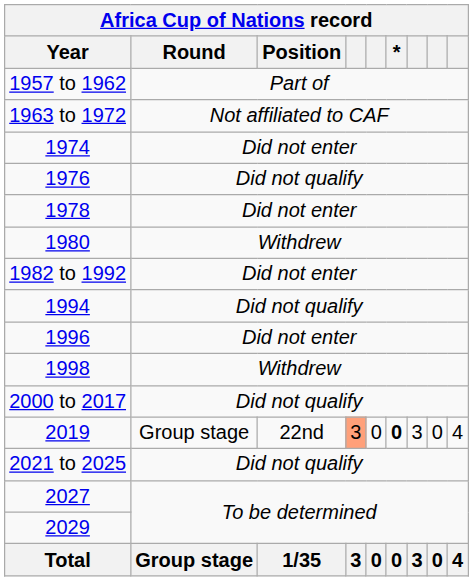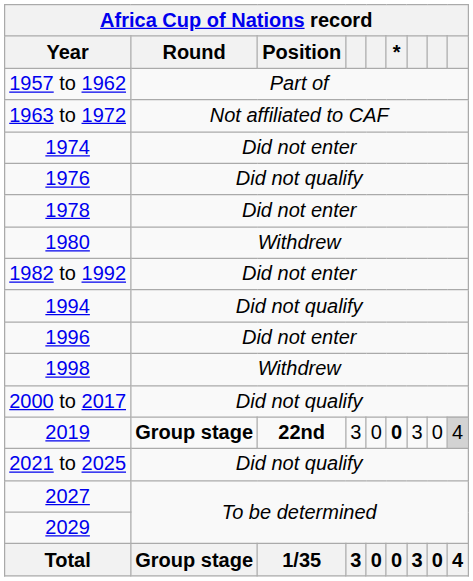 <table class="wikitable" style="text-align: center;">
 <tr>
 <th colspan=9><a href='#'>Africa Cup of Nations</a> record</th>
 </tr>
 <tr>
 <th>Year</th>
 <th>Round</th>
 <th>Position</th>
 <th></th>
 <th></th>
 <th>*</th>
 <th></th>
 <th></th>
 <th></th>
 </tr>
 <tr>
 <td> <a href='#'>1957</a> to  <a href='#'>1962</a></td>
 <td colspan=8><em>Part of </em></td>
 </tr>
 <tr>
 <td> <a href='#'>1963</a> to  <a href='#'>1972</a></td>
 <td colspan=8><em>Not affiliated to CAF</em></td>
 </tr>
 <tr>
 <td> <a href='#'>1974</a></td>
 <td colspan=8><em>Did not enter</em></td>
 </tr>
 <tr>
 <td> <a href='#'>1976</a></td>
 <td colspan=8><em>Did not qualify</em></td>
 </tr>
 <tr>
 <td> <a href='#'>1978</a></td>
 <td colspan=8><em>Did not enter</em></td>
 </tr>
 <tr>
 <td> <a href='#'>1980</a></td>
 <td colspan=8><em>Withdrew</em></td>
 </tr>
 <tr>
 <td> <a href='#'>1982</a> to  <a href='#'>1992</a></td>
 <td colspan=8><em>Did not enter</em></td>
 </tr>
 <tr>
 <td> <a href='#'>1994</a></td>
 <td colspan=8><em>Did not qualify</em></td>
 </tr>
 <tr>
 <td> <a href='#'>1996</a></td>
 <td colspan=8><em>Did not enter</em></td>
 </tr>
 <tr>
 <td> <a href='#'>1998</a></td>
 <td colspan=8><em>Withdrew</em></td>
 </tr>
 <tr>
 <td>  <a href='#'>2000</a> to  <a href='#'>2017</a></td>
 <td colspan=8><em>Did not qualify</em></td>
 </tr>
 <tr>
 <td> <a href='#'>2019</a></td>
-<td>Group stage</td>
-<td>22nd</td>
-<td style="background: lightsalmon;">3</td>
+<td><strong>Group stage</strong></td>
+<td><strong>22nd</strong></td>
+<td>3</td>
 <td>0</td>
 <td><strong>0</strong></td>
 <td>3</td>
 <td>0</td>
-<td>4</td>
+<td style="background: lightgrey;">4</td>
 </tr>
 <tr>
 <td> <a href='#'>2021</a> to  <a href='#'>2025</a></td>
 <td colspan=8><em>Did not qualify</em></td>
 </tr>
 <tr>
 <td>   <a href='#'>2027</a></td>
 <td rowspan=2 colspan=8><em>To be determined</em></td>
 </tr>
 <tr>
 <td> <a href='#'>2029</a></td>
 </tr>
 <tr>
 <th>Total</th>
 <th>Group stage</th>
 <th>1/35</th>
 <th>3</th>
 <th>0</th>
 <th>0</th>
 <th>3</th>
 <th>0</th>
 <th>4</th>
 </tr>
 </table>
